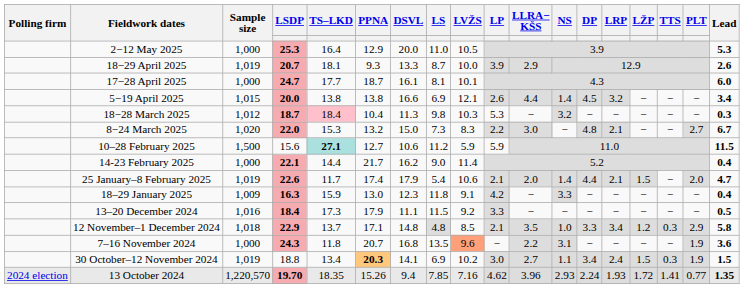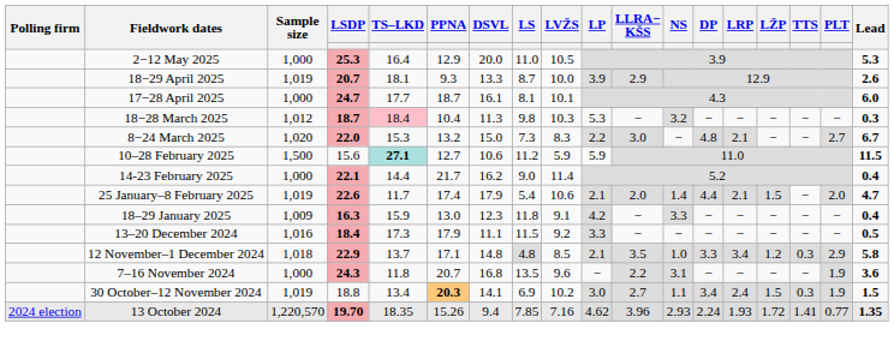 <table class="wikitable sortable mw-datatable" style="text-align:center;font-size:90%;line-height:14px;">
 <tr style="height:40px;">
 <th rowspan="2">Polling firm</th>
 <th rowspan="2">Fieldwork dates</th>
 <th rowspan="2">Sample<br>size</th>
 <th class="unsortable"><a href='#'>LSDP</a></th>
 <th class="unsortable"><a href='#'>TS–LKD</a></th>
 <th class="unsortable"><a href='#'>PPNA</a></th>
 <th class="unsortable"><a href='#'>DSVL</a></th>
 <th class="unsortable"><a href='#'>LS</a></th>
 <th class="unsortable"><a href='#'>LVŽS</a></th>
 <th class="unsortable"><a href='#'>LP</a></th>
 <th class="unsortable"><a href='#'>LLRA−<br>KŠS</a></th>
 <th class="unsortable"><a href='#'>NS</a></th>
 <th class="unsortable"><a href='#'>DP</a></th>
 <th class="unsortable"><a href='#'>LRP</a></th>
 <th class="unsortable"><a href='#'>LŽP</a></th>
 <th class="unsortable"><a href='#'>TTS</a></th>
 <th class="unsortable"><a href='#'>PLT</a></th>
 <th class="unsortable" rowspan=2>Lead</th>
 </tr>
 <tr>
 <th style="background:"></th>
 <th style="background:"></th>
 <th style="background:"></th>
 <th style="background:"></th>
 <th style="background:"></th>
 <th style="background:"></th>
 <th style="background:"></th>
 <th style="background:"></th>
 <th style="background:"></th>
 <th style="background:"></th>
 <th style="background:"></th>
 <th style="background:"></th>
 <th style="background:"></th>
 <th style="background:"></th>
 </tr>
 <tr>
 <td></td>
 <td>2−12 May 2025</td>
 <td>1,000</td>
 <td style="background:#F5ABB0"><strong>25.3</strong></td>
 <td>16.4</td>
 <td>12.9</td>
 <td>20.0</td>
 <td>11.0</td>
 <td>10.5</td>
 <td style="background:#DDDDDD" colspan="8">3.9</td>
 <td style="background:"><strong>5.3</strong></td>
 </tr>
 <tr>
 <td></td>
 <td>18−29 April 2025</td>
 <td>1,019</td>
 <td style="background:#F5ABB0"><strong>20.7</strong></td>
 <td>18.1</td>
 <td>9.3</td>
 <td>13.3</td>
 <td>8.7</td>
 <td>10.0</td>
 <td style="background:#DDDDDD">3.9</td>
 <td style="background:#DDDDDD">2.9</td>
 <td colspan="6"  style="background:#DDDDDD">12.9</td>
 <td style="background:"><strong>2.6</strong></td>
 </tr>
 <tr>
 <td></td>
 <td>17−28 April 2025</td>
 <td>1,000</td>
 <td style="background:#F5ABB0"><strong>24.7</strong></td>
 <td>17.7</td>
 <td>18.7</td>
 <td>16.1</td>
 <td>8.1</td>
 <td>10.1</td>
 <td style="background:#DDDDDD" colspan="8">4.3</td>
 <td style="background:"><strong>6.0</strong></td>
-</tr>
-<tr>
-<td></td>
-<td>5−19 April 2025</td>
-<td>1,015</td>
-<td style="background:#F5ABB0"><strong>20.0</strong></td>
-<td>13.8</td>
-<td>13.8</td>
-<td>16.6</td>
-<td>6.9</td>
-<td>12.1</td>
-<td style="background:#DDDDDD">2.6</td>
-<td style="background:#DDDDDD">4.4</td>
-<td style="background:#DDDDDD">1.4</td>
-<td style="background:#DDDDDD">4.5</td>
-<td style="background:#DDDDDD">3.2</td>
-<td>−</td>
-<td>−</td>
-<td>−</td>
-<td style="background:"><strong>3.4</strong></td>
 </tr>
 <tr>
 <td></td>
 <td>18−28 March 2025</td>
 <td>1,012</td>
 <td style="background:#F5ABB0"><strong>18.7</strong></td>
 <td style="background: pink;">18.4</td>
 <td>10.4</td>
 <td>11.3</td>
 <td>9.8</td>
 <td>10.3</td>
 <td>5.3</td>
 <td>−</td>
 <td style="background:#DDDDDD">3.2</td>
 <td>−</td>
 <td>−</td>
 <td>−</td>
 <td>−</td>
 <td>−</td>
 <td style="background:"><strong>0.3</strong></td>
 </tr>
 <tr>
 <td></td>
 <td>8−24 March 2025</td>
 <td>1,020</td>
 <td style="background:#F5ABB0"><strong>22.0</strong></td>
 <td>15.3</td>
 <td>13.2</td>
 <td>15.0</td>
 <td>7.3</td>
 <td>8.3</td>
 <td style="background:#DDDDDD">2.2</td>
 <td style="background:#DDDDDD">3.0</td>
 <td>−</td>
 <td style="background:#DDDDDD">4.8</td>
 <td style="background:#DDDDDD">2.1</td>
 <td>−</td>
 <td>−</td>
 <td style="background:#DDDDDD">2.7</td>
 <td style="background:"><strong>6.7</strong></td>
 </tr>
 <tr>
 <td></td>
 <td>10–28 February 2025</td>
 <td>1,500</td>
 <td>15.6</td>
 <td style="background:#AAE1DE"><strong>27.1</strong></td>
 <td>12.7</td>
 <td>10.6</td>
 <td>11.2</td>
 <td>5.9</td>
 <td>5.9</td>
 <td style="background:#DDDDDD" colspan="7">11.0</td>
 <td style="background:"><strong>11.5</strong></td>
 </tr>
 <tr>
 <td></td>
 <td>14-23 February 2025</td>
 <td>1,000</td>
 <td style="background:#F5ABB0"><strong>22.1</strong></td>
 <td>14.4</td>
 <td>21.7</td>
 <td>16.2</td>
 <td>9.0</td>
 <td>11.4</td>
 <td style="background:#DDDDDD" colspan="8">5.2</td>
 <td style="background:"><strong>0.4</strong></td>
 </tr>
 <tr>
 <td></td>
 <td>25 January–8 February 2025</td>
 <td>1,019</td>
 <td style="background:#F5ABB0"><strong>22.6</strong></td>
 <td>11.7</td>
 <td>17.4</td>
 <td>17.9</td>
 <td>5.4</td>
 <td>10.6</td>
 <td style="background:#DDDDDD">2.1</td>
 <td style="background:#DDDDDD">2.0</td>
 <td style="background:#DDDDDD">1.4</td>
 <td style="background:#DDDDDD">4.4</td>
 <td style="background:#DDDDDD">2.1</td>
 <td style="background:#DDDDDD">1.5</td>
 <td>−</td>
 <td style="background:#DDDDDD">2.0</td>
 <td style="background:"><strong>4.7</strong></td>
 </tr>
 <tr>
 <td></td>
 <td>18–29 January 2025</td>
 <td>1,009</td>
 <td style="background:#F5ABB0"><strong>16.3</strong></td>
 <td>15.9</td>
 <td>13.0</td>
 <td>12.3</td>
 <td>11.8</td>
 <td>9.1</td>
 <td style="background:#DDDDDD">4.2</td>
 <td>−</td>
 <td style="background:#DDDDDD">3.3</td>
 <td>−</td>
 <td>−</td>
 <td>−</td>
 <td>−</td>
 <td>−</td>
 <td style="background:"><strong>0.4</strong></td>
 </tr>
 <tr>
 <td></td>
 <td>13–20 December 2024</td>
 <td>1,016</td>
 <td style="background:#F5ABB0"><strong>18.4</strong></td>
 <td>17.3</td>
 <td>17.9</td>
 <td>11.1</td>
 <td>11.5</td>
 <td>9.2</td>
 <td style="background:#DDDDDD">3.3</td>
 <td>−</td>
 <td>−</td>
 <td>−</td>
 <td>−</td>
 <td>−</td>
 <td>−</td>
 <td>−</td>
 <td style="background:"><strong>0.5</strong></td>
 </tr>
 <tr>
 <td></td>
 <td>12 November–1 December 2024</td>
 <td>1,018</td>
 <td style="background:#F5ABB0"><strong>22.9</strong></td>
 <td>13.7</td>
 <td>17.1</td>
 <td>14.8</td>
 <td style="background:#DDDDDD">4.8</td>
 <td>8.5</td>
 <td style="background:#DDDDDD">2.1</td>
 <td style="background:#DDDDDD">3.5</td>
 <td style="background:#DDDDDD">1.0</td>
 <td style="background:#DDDDDD">3.3</td>
 <td style="background:#DDDDDD">3.4</td>
 <td style="background:#DDDDDD">1.2</td>
 <td style="background:#DDDDDD">0.3</td>
 <td style="background:#DDDDDD">2.9</td>
 <td style="background:"><strong>5.8</strong></td>
 </tr>
 <tr>
 <td></td>
 <td>7–16 November 2024</td>
 <td>1,000</td>
 <td style="background:#F5ABB0"><strong>24.3</strong></td>
 <td>11.8</td>
 <td>20.7</td>
 <td>16.8</td>
 <td>13.5</td>
-<td style="background: lightsalmon;">9.6</td>
+<td>9.6</td>
 <td>−</td>
 <td style="background:#DDDDDD">2.2</td>
 <td style="background:#DDDDDD">3.1</td>
 <td>−</td>
 <td>−</td>
 <td>−</td>
 <td>−</td>
 <td style="background:#DDDDDD">1.9</td>
 <td style="background:"><strong>3.6</strong></td>
 </tr>
 <tr>
 <td></td>
 <td>30 October–12 November 2024</td>
 <td>1,019</td>
 <td>18.8</td>
 <td>13.4</td>
 <td style="background:#ffc87c"><strong>20.3</strong></td>
 <td>14.1</td>
 <td>6.9</td>
 <td>10.2</td>
 <td style="background:#DDDDDD">3.0</td>
 <td style="background:#DDDDDD">2.7</td>
 <td style="background:#DDDDDD">1.1</td>
 <td style="background:#DDDDDD">3.4</td>
 <td style="background:#DDDDDD">2.4</td>
 <td style="background:#DDDDDD">1.5</td>
 <td style="background:#DDDDDD">0.3</td>
 <td style="background:#DDDDDD">1.9</td>
 <td style="background:"><strong>1.5</strong></td>
 </tr>
 <tr style="background:#E9E9E9;">
 <td><a href='#'>2024 election</a></td>
 <td>13 October 2024</td>
 <td>1,220,570</td>
 <td style="background:#F5ABB0"><strong>19.70</strong></td>
 <td>18.35</td>
 <td>15.26</td>
 <td>9.4</td>
 <td>7.85</td>
 <td>7.16</td>
 <td style="background:#DDDDDD">4.62</td>
 <td style="background:#DDDDDD">3.96</td>
 <td style="background:#DDDDDD">2.93</td>
 <td style="background:#DDDDDD">2.24</td>
 <td style="background:#DDDDDD">1.93</td>
 <td style="background:#DDDDDD">1.72</td>
 <td style="background:#DDDDDD">1.41</td>
 <td style="background:#DDDDDD">0.77</td>
 <td style="background:"><strong>1.35</strong></td>
 </tr>
 </table>
